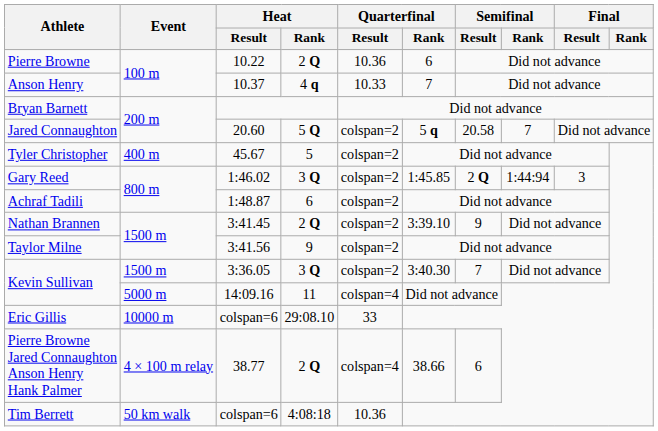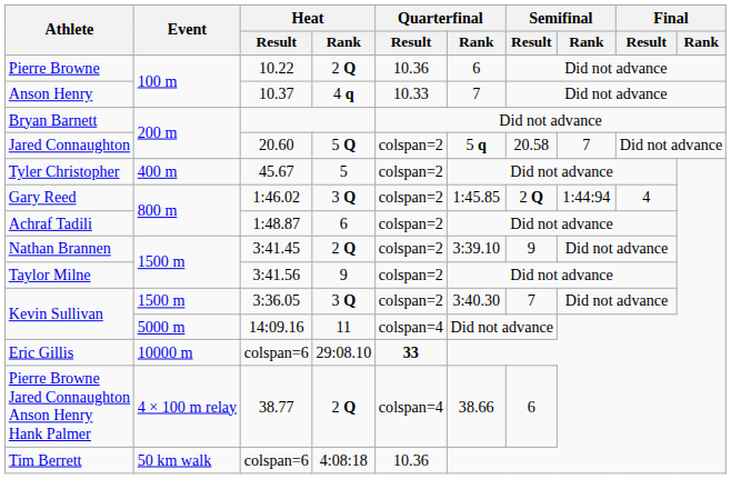 <table class=wikitable style="font-size:90%">
 <tr>
 <th rowspan="2">Athlete</th>
 <th rowspan="2">Event</th>
 <th colspan="2">Heat</th>
 <th colspan="2">Quarterfinal</th>
 <th colspan="2">Semifinal</th>
 <th colspan="2">Final</th>
 </tr>
 <tr style="font-size:95%">
 <th>Result</th>
 <th>Rank</th>
 <th>Result</th>
 <th>Rank</th>
 <th>Result</th>
 <th>Rank</th>
 <th>Result</th>
 <th>Rank</th>
 </tr>
 <tr align=center>
 <td align=left><a href='#'>Pierre Browne</a></td>
 <td align=left rowspan=2><a href='#'>100 m</a></td>
 <td>10.22</td>
 <td>2 <strong>Q</strong></td>
 <td>10.36</td>
 <td>6</td>
 <td colspan=4>Did not advance</td>
 </tr>
 <tr align=center>
 <td align=left><a href='#'>Anson Henry</a></td>
 <td>10.37</td>
 <td>4 <strong>q</strong></td>
 <td>10.33</td>
 <td>7</td>
 <td colspan=4>Did not advance</td>
 </tr>
 <tr align=center>
 <td align=left><a href='#'>Bryan Barnett</a></td>
 <td align=left rowspan=2><a href='#'>200 m</a></td>
 <td colspan=2></td>
 <td colspan=6>Did not advance</td>
 </tr>
 <tr align=center>
 <td align=left><a href='#'>Jared Connaughton</a></td>
 <td>20.60</td>
 <td>5 <strong>Q</strong></td>
 <td>colspan=2 </td>
 <td>5 <strong>q</strong></td>
 <td>20.58</td>
 <td>7</td>
 <td colspan=2>Did not advance</td>
 </tr>
 <tr align=center>
 <td align=left><a href='#'>Tyler Christopher</a></td>
 <td align=left><a href='#'>400 m</a></td>
 <td>45.67</td>
 <td>5</td>
 <td>colspan=2 </td>
 <td colspan=4>Did not advance</td>
 </tr>
 <tr align=center>
 <td align=left><a href='#'>Gary Reed</a></td>
 <td align=left rowspan=2><a href='#'>800 m</a></td>
 <td>1:46.02</td>
 <td>3 <strong>Q</strong></td>
 <td>colspan=2 </td>
 <td>1:45.85</td>
 <td>2 <strong>Q</strong></td>
 <td>1:44:94</td>
-<td>3</td>
+<td>4</td>
 </tr>
 <tr align=center>
 <td align=left><a href='#'>Achraf Tadili</a></td>
 <td>1:48.87</td>
 <td>6</td>
 <td>colspan=2 </td>
 <td colspan=4>Did not advance</td>
 </tr>
 <tr align=center>
 <td align=left><a href='#'>Nathan Brannen</a></td>
 <td align=left rowspan=2><a href='#'>1500 m</a></td>
 <td>3:41.45</td>
 <td>2 <strong>Q</strong></td>
 <td>colspan=2 </td>
 <td>3:39.10</td>
 <td>9</td>
 <td colspan=2>Did not advance</td>
 </tr>
 <tr align=center>
 <td align=left><a href='#'>Taylor Milne</a></td>
 <td>3:41.56</td>
 <td>9</td>
 <td>colspan=2 </td>
 <td colspan=4>Did not advance</td>
 </tr>
 <tr align=center>
 <td align=left rowspan=2><a href='#'>Kevin Sullivan</a></td>
 <td align=left><a href='#'>1500 m</a></td>
 <td>3:36.05</td>
 <td>3 <strong>Q</strong></td>
 <td>colspan=2 </td>
 <td>3:40.30</td>
 <td>7</td>
 <td colspan=2>Did not advance</td>
 </tr>
 <tr align=center>
 <td align=left><a href='#'>5000 m</a></td>
 <td>14:09.16</td>
 <td>11</td>
 <td>colspan=4 </td>
 <td colspan=2>Did not advance</td>
 </tr>
 <tr align=center>
 <td align=left><a href='#'>Eric Gillis</a></td>
 <td align=left><a href='#'>10000 m</a></td>
 <td>colspan=6 </td>
 <td>29:08.10</td>
-<td>33</td>
+<td><strong>33</strong></td>
 </tr>
 <tr align=center>
 <td align=left><a href='#'>Pierre Browne</a><br><a href='#'>Jared Connaughton</a><br><a href='#'>Anson Henry</a><br><a href='#'>Hank Palmer</a></td>
 <td align=left><a href='#'>4 × 100 m relay</a></td>
 <td>38.77</td>
 <td>2 <strong>Q</strong></td>
 <td>colspan=4 </td>
 <td>38.66</td>
 <td>6</td>
 </tr>
 <tr align=center>
 <td align=left><a href='#'>Tim Berrett</a></td>
 <td align=left><a href='#'>50 km walk</a></td>
 <td>colspan=6 </td>
 <td>4:08:18</td>
 <td>10.36</td>
 </tr>
 </table>
